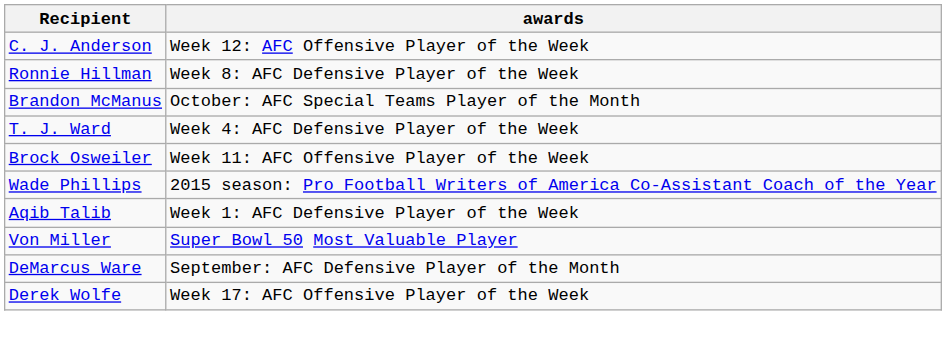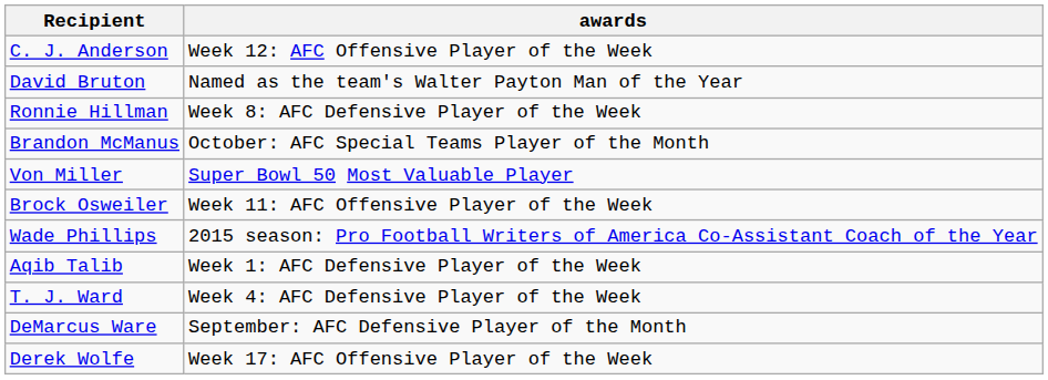 <table class="wikitable">
 <tr>
 <th>Recipient</th>
 <th>awards</th>
 </tr>
 <tr>
 <td><a href='#'>C. J. Anderson</a></td>
 <td>Week 12: <a href='#'>AFC</a> Offensive Player of the Week</td>
 </tr>
 <tr>
+<td><a href='#'>David Bruton</a></td>
+<td>Named as the team's Walter Payton Man of the Year</td>
+</tr>
+<tr>
 <td><a href='#'>Ronnie Hillman</a></td>
 <td>Week 8: AFC Defensive Player of the Week</td>
 </tr>
 <tr>
 <td><a href='#'>Brandon McManus</a></td>
 <td>October: AFC Special Teams Player of the Month</td>
 </tr>
 <tr>
-<td><a href='#'>T. J. Ward</a></td>
-<td>Week 4: AFC Defensive Player of the Week</td>
+<td><a href='#'>Von Miller</a></td>
+<td><a href='#'>Super Bowl 50</a> <a href='#'>Most Valuable Player</a></td>
 </tr>
 <tr>
 <td><a href='#'>Brock Osweiler</a></td>
 <td>Week 11: AFC Offensive Player of the Week</td>
 </tr>
 <tr>
 <td><a href='#'>Wade Phillips</a></td>
 <td>2015 season: <a href='#'>Pro Football Writers of America Co-Assistant Coach of the Year</a></td>
 </tr>
 <tr>
 <td><a href='#'>Aqib Talib</a></td>
 <td>Week 1: AFC Defensive Player of the Week</td>
 </tr>
 <tr>
-<td><a href='#'>Von Miller</a></td>
-<td><a href='#'>Super Bowl 50</a> <a href='#'>Most Valuable Player</a></td>
+<td><a href='#'>T. J. Ward</a></td>
+<td>Week 4: AFC Defensive Player of the Week</td>
 </tr>
 <tr>
 <td><a href='#'>DeMarcus Ware</a></td>
 <td>September: AFC Defensive Player of the Month</td>
 </tr>
 <tr>
 <td><a href='#'>Derek Wolfe</a></td>
 <td>Week 17: AFC Offensive Player of the Week</td>
 </tr>
 </table>
